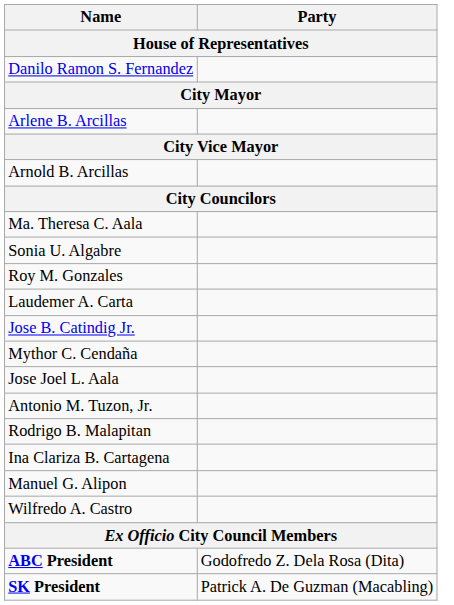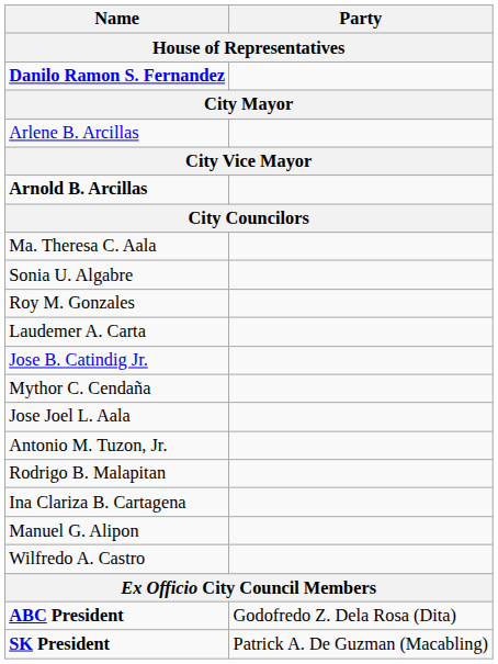 <table class=wikitable>
 <tr>
 <th>Name</th>
 <th colspan=2>Party</th>
 </tr>
 <tr>
 <th colspan=3>House of Representatives</th>
 </tr>
 <tr>
-<td><a href='#'>Danilo Ramon S. Fernandez</a></td>
+<td><strong><a href='#'>Danilo Ramon S. Fernandez</a></strong></td>
 <td></td>
 </tr>
 <tr>
 <th colspan=3>City Mayor</th>
 </tr>
 <tr>
 <td><a href='#'>Arlene B. Arcillas</a></td>
 <td></td>
 </tr>
 <tr>
 <th colspan=3>City Vice Mayor</th>
 </tr>
 <tr>
-<td>Arnold B. Arcillas</td>
+<td><strong>Arnold B. Arcillas</strong></td>
 <td></td>
 </tr>
 <tr>
 <th colspan=3>City Councilors</th>
 </tr>
 <tr>
 <td>Ma. Theresa C. Aala</td>
 <td></td>
 </tr>
 <tr>
 <td>Sonia U. Algabre</td>
 <td></td>
 </tr>
 <tr>
 <td>Roy M. Gonzales</td>
 <td></td>
 </tr>
 <tr>
 <td>Laudemer A. Carta</td>
 <td></td>
 </tr>
 <tr>
 <td><a href='#'>Jose B. Catindig Jr.</a></td>
 <td></td>
 </tr>
 <tr>
 <td>Mythor C. Cendaña</td>
 <td></td>
 </tr>
 <tr>
 <td>Jose Joel L. Aala</td>
 <td></td>
 </tr>
 <tr>
 <td>Antonio M. Tuzon, Jr.</td>
 <td></td>
 </tr>
 <tr>
 <td>Rodrigo B. Malapitan</td>
 <td></td>
 </tr>
 <tr>
 <td>Ina Clariza B. Cartagena</td>
 <td></td>
 </tr>
 <tr>
 <td>Manuel G. Alipon</td>
 <td></td>
 </tr>
 <tr>
 <td>Wilfredo A. Castro</td>
 <td></td>
 </tr>
 <tr>
 <th colspan=4><em>Ex Officio</em> City Council Members</th>
 </tr>
 <tr>
 <td><strong><a href='#'>ABC</a> President</strong></td>
 <td colspan=3>Godofredo Z. Dela Rosa (Dita)<br></td>
 </tr>
 <tr>
 <td><strong><a href='#'>SK</a> President</strong></td>
 <td colspan=3>Patrick A. De Guzman (Macabling)<br></td>
 </tr>
 </table>
